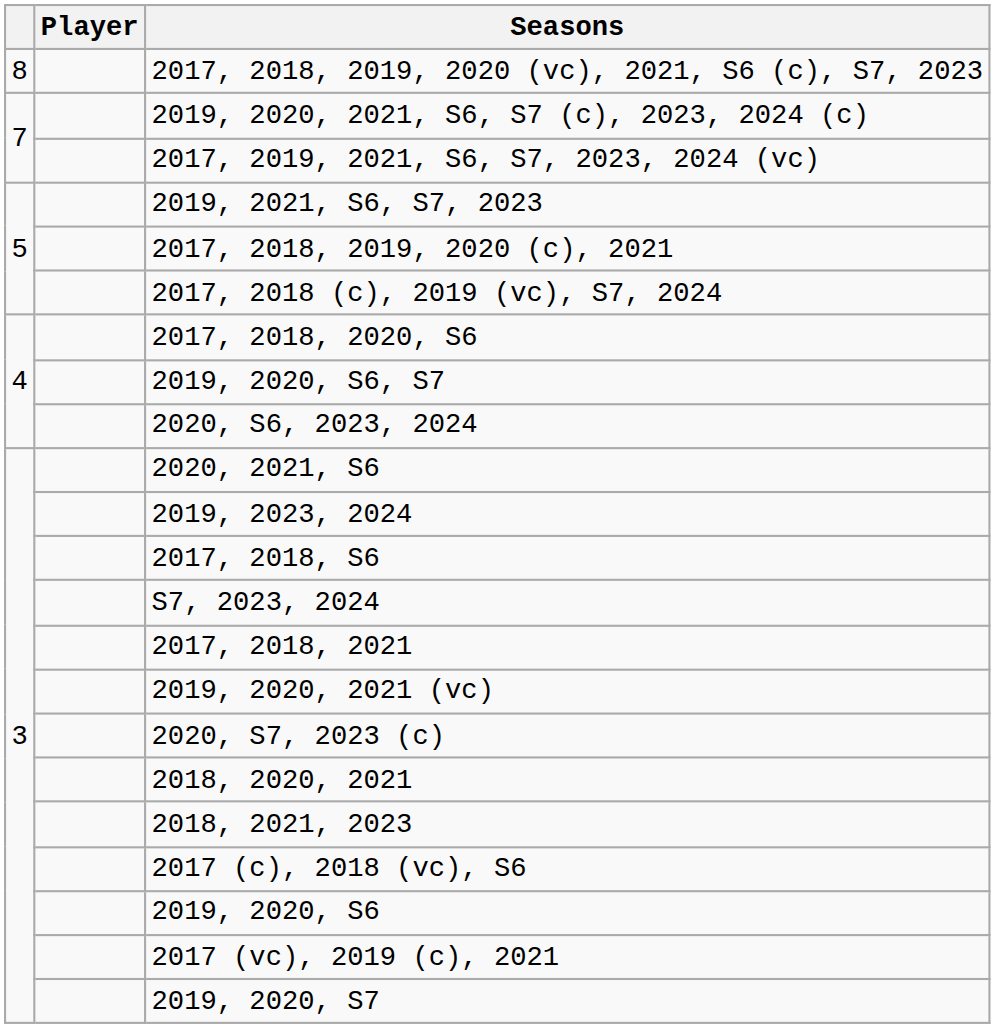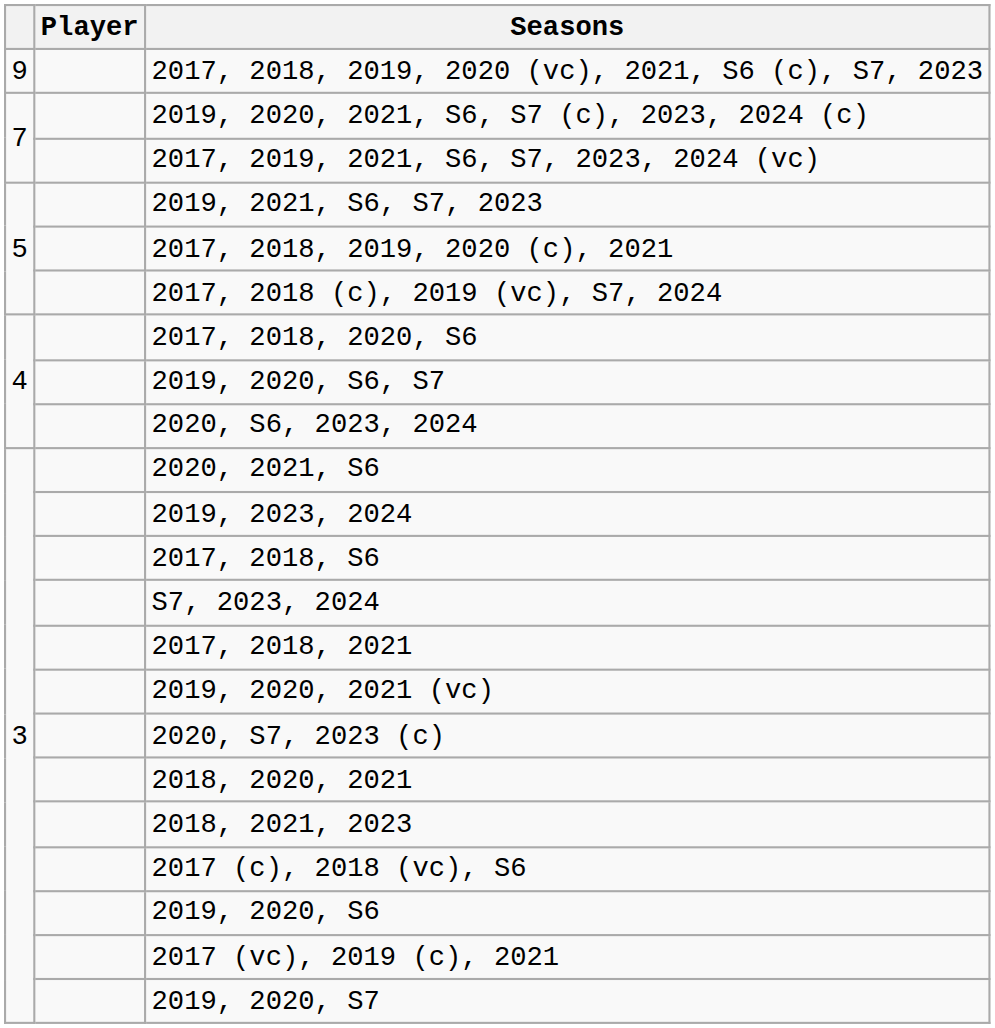 <table class="wikitable sortable">
 <tr>
 <th></th>
 <th>Player</th>
 <th>Seasons</th>
 </tr>
 <tr>
-<td align=center>8</td>
+<td align=center>9</td>
 <td></td>
 <td>2017, 2018, 2019, 2020 (vc), 2021, S6 (c), S7, 2023</td>
 </tr>
 <tr>
 <td rowspan=2 align=center>7</td>
 <td></td>
 <td>2019, 2020, 2021, S6, S7 (c), 2023, 2024 (c)</td>
 </tr>
 <tr>
 <td></td>
 <td>2017, 2019, 2021, S6, S7, 2023, 2024 (vc)</td>
 </tr>
 <tr>
 <td rowspan=3 align=center>5</td>
 <td></td>
 <td>2019, 2021, S6, S7, 2023</td>
 </tr>
 <tr>
 <td></td>
 <td>2017, 2018, 2019, 2020 (c), 2021</td>
 </tr>
 <tr>
 <td></td>
 <td>2017, 2018 (c), 2019 (vc), S7, 2024</td>
 </tr>
 <tr>
 <td rowspan=3 align=center>4</td>
 <td></td>
 <td>2017, 2018, 2020, S6</td>
 </tr>
 <tr>
 <td></td>
 <td>2019, 2020, S6, S7</td>
 </tr>
 <tr>
 <td></td>
 <td>2020, S6, 2023, 2024</td>
 </tr>
 <tr>
 <td rowspan=13 align=center>3</td>
 <td></td>
 <td>2020, 2021, S6</td>
 </tr>
 <tr>
 <td></td>
 <td>2019, 2023, 2024</td>
 </tr>
 <tr>
 <td></td>
 <td>2017, 2018, S6</td>
 </tr>
 <tr>
 <td></td>
 <td>S7, 2023, 2024</td>
 </tr>
 <tr>
 <td></td>
 <td>2017, 2018, 2021</td>
 </tr>
 <tr>
 <td></td>
 <td>2019, 2020, 2021 (vc)</td>
 </tr>
 <tr>
 <td></td>
 <td>2020, S7, 2023 (c)</td>
 </tr>
 <tr>
 <td></td>
 <td>2018, 2020, 2021</td>
 </tr>
 <tr>
 <td></td>
 <td>2018, 2021, 2023</td>
 </tr>
 <tr>
 <td></td>
 <td>2017 (c), 2018 (vc), S6</td>
 </tr>
 <tr>
 <td></td>
 <td>2019, 2020, S6</td>
 </tr>
 <tr>
 <td></td>
 <td>2017 (vc), 2019 (c), 2021</td>
 </tr>
 <tr>
 <td></td>
 <td>2019, 2020, S7</td>
 </tr>
 </table>
